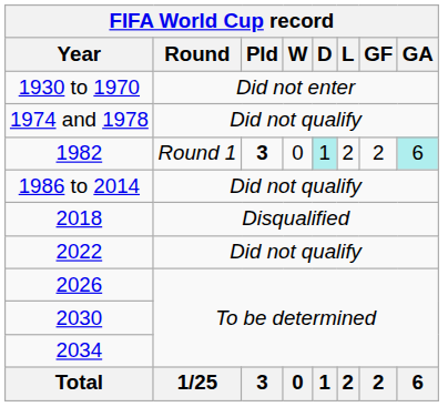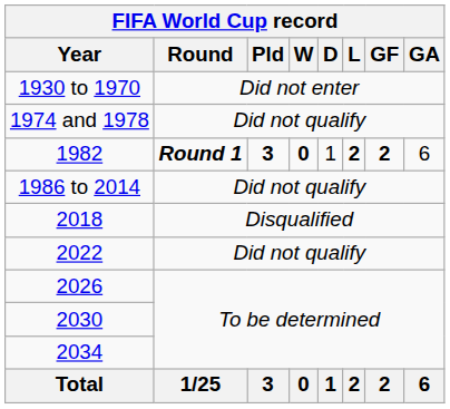 <table class="wikitable" style="text-align: center;">
 <tr>
 <th colspan=8><a href='#'>FIFA World Cup</a> record</th>
 </tr>
 <tr>
 <th>Year</th>
 <th>Round</th>
 <th>Pld</th>
 <th>W</th>
 <th>D</th>
 <th>L</th>
 <th>GF</th>
 <th>GA</th>
 </tr>
 <tr>
 <td> <a href='#'>1930</a> to  <a href='#'>1970</a></td>
 <td colspan=7><em>Did not enter</em></td>
 </tr>
 <tr>
 <td> <a href='#'>1974</a> and  <a href='#'>1978</a></td>
 <td colspan=7><em>Did not qualify</em></td>
 </tr>
 <tr>
 <td> <a href='#'>1982</a></td>
-<td><em>Round 1</em></td>
+<td><strong><em>Round 1</em></strong></td>
 <td><strong>3</strong></td>
-<td>0</td>
-<td style="background: paleturquoise;">1</td>
-<td>2</td>
-<td>2</td>
-<td style="background: paleturquoise;">6</td>
+<td><strong>0</strong></td>
+<td>1</td>
+<td><strong>2</strong></td>
+<td><strong>2</strong></td>
+<td>6</td>
 </tr>
 <tr>
 <td> <a href='#'>1986</a> to  <a href='#'>2014</a></td>
 <td colspan=7><em>Did not qualify</em></td>
 </tr>
 <tr>
 <td> <a href='#'>2018</a></td>
 <td colspan=7><em>Disqualified</em></td>
 </tr>
 <tr>
 <td> <a href='#'>2022</a></td>
 <td colspan=7><em>Did not qualify</em></td>
 </tr>
 <tr>
 <td>   <a href='#'>2026</a></td>
 <td colspan=7 rowspan=3><em>To be determined</em></td>
 </tr>
 <tr>
 <td>   <a href='#'>2030</a></td>
 </tr>
 <tr>
 <td> <a href='#'>2034</a></td>
 </tr>
 <tr>
 <th>Total</th>
 <th>1/25</th>
 <th>3</th>
 <th>0</th>
 <th>1</th>
 <th>2</th>
 <th>2</th>
 <th>6</th>
 </tr>
 </table>
